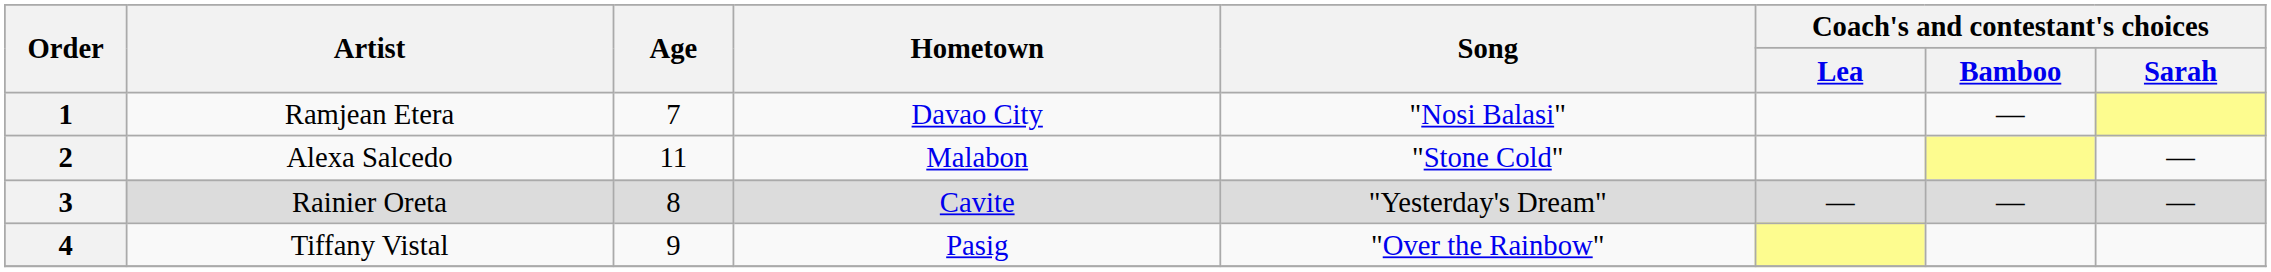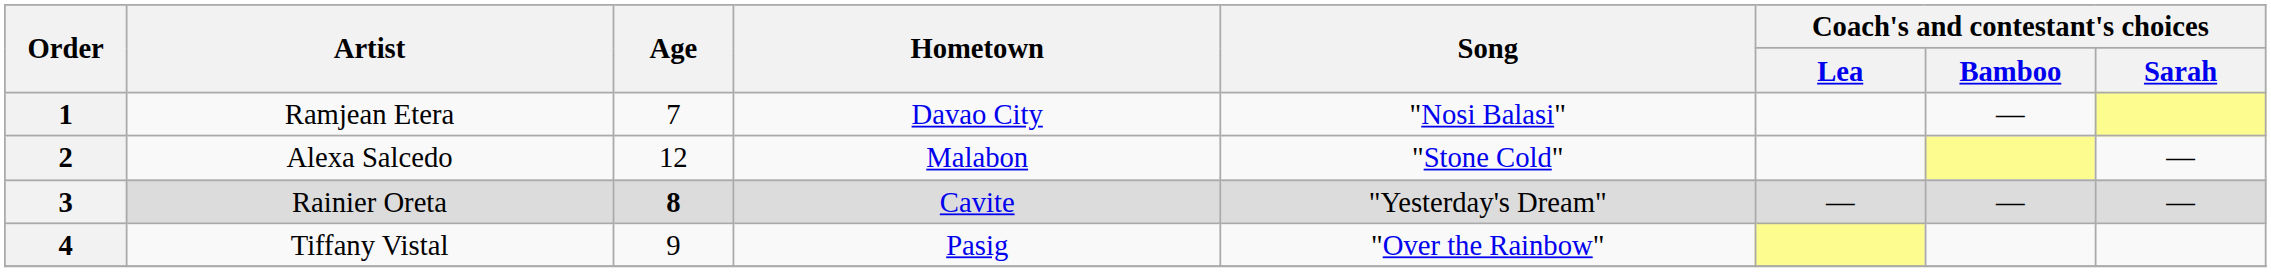 <table class="wikitable" style="text-align:center; line-height:17px; width:100%;">
 <tr>
 <th rowspan="2" scope="col" width="05%">Order</th>
 <th rowspan="2" scope="col" width="20%">Artist</th>
 <th rowspan="2" scope="col" width="05%">Age</th>
 <th rowspan="2" scope="col" width="20%">Hometown</th>
 <th rowspan="2" scope="col" width="22%">Song</th>
 <th colspan="3" scope="col" width="28%">Coach's and contestant's choices</th>
 </tr>
 <tr>
 <th width="07%"><a href='#'>Lea</a></th>
 <th width="07%"><a href='#'>Bamboo</a></th>
 <th width="07%"><a href='#'>Sarah</a></th>
 </tr>
 <tr>
 <th>1</th>
 <td>Ramjean Etera</td>
 <td>7</td>
 <td><a href='#'>Davao City</a></td>
 <td>"<a href='#'>Nosi Balasi</a>"</td>
 <td><strong></strong></td>
 <td>—</td>
 <td style="background:#fdfc8f;"><strong></strong></td>
 </tr>
 <tr>
 <th>2</th>
 <td>Alexa Salcedo</td>
-<td>11</td>
+<td>12</td>
 <td><a href='#'>Malabon</a></td>
 <td>"<a href='#'>Stone Cold</a>"</td>
 <td><strong></strong></td>
 <td style="background:#fdfc8f;"><strong></strong></td>
 <td>—</td>
 </tr>
 <tr>
 <th>3</th>
 <td style="background:#DCDCDC;">Rainier Oreta</td>
-<td style="background:#DCDCDC;">8</td>
+<td style="background:#DCDCDC;"><strong>8</strong></td>
 <td style="background:#DCDCDC;"><a href='#'>Cavite</a></td>
 <td style="background:#DCDCDC;">"Yesterday's Dream"</td>
 <td style="background:#DCDCDC;">—</td>
 <td style="background:#DCDCDC;">—</td>
 <td style="background:#DCDCDC;">—</td>
 </tr>
 <tr>
 <th>4</th>
 <td>Tiffany Vistal</td>
 <td>9</td>
 <td><a href='#'>Pasig</a></td>
 <td>"<a href='#'>Over the Rainbow</a>"</td>
 <td style="background:#fdfc8f;"><strong></strong></td>
 <td><strong></strong></td>
 <td><strong></strong></td>
 </tr>
 <tr>
 </tr>
 </table>
